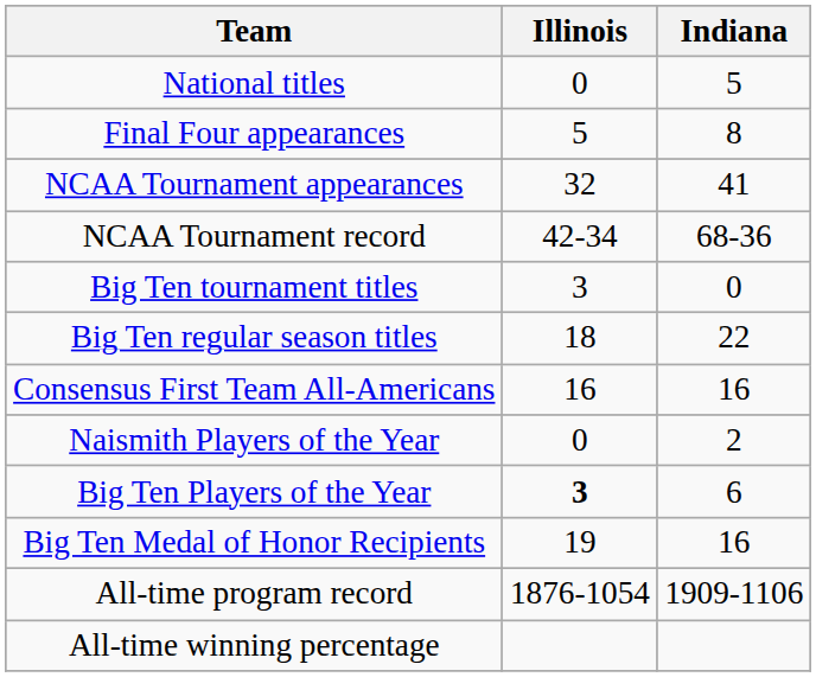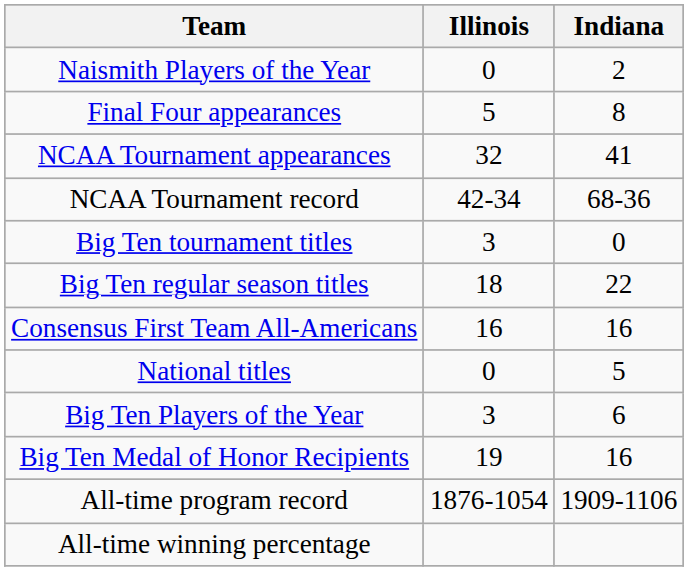 <table class="wikitable" style="text-align:center;">
 <tr>
 <th>Team</th>
 <th>Illinois</th>
 <th>Indiana</th>
 </tr>
 <tr>
-<td><a href='#'>National titles</a></td>
+<td><a href='#'>Naismith Players of the Year</a></td>
 <td style=>0</td>
-<td>5</td>
+<td>2</td>
 </tr>
 <tr>
 <td><a href='#'>Final Four appearances</a></td>
 <td style=>5</td>
 <td>8</td>
 </tr>
 <tr>
 <td><a href='#'>NCAA Tournament appearances</a></td>
 <td style=>32</td>
 <td>41</td>
 </tr>
 <tr>
 <td>NCAA Tournament record</td>
 <td style=>42-34</td>
 <td>68-36</td>
 </tr>
 <tr>
 <td><a href='#'>Big Ten tournament titles</a></td>
 <td style=>3</td>
 <td>0</td>
 </tr>
 <tr>
 <td><a href='#'>Big Ten regular season titles</a></td>
 <td style=>18</td>
 <td>22</td>
 </tr>
 <tr>
 <td><a href='#'>Consensus First Team All-Americans</a></td>
 <td style=>16</td>
 <td>16</td>
 </tr>
 <tr>
-<td><a href='#'>Naismith Players of the Year</a></td>
+<td><a href='#'>National titles</a></td>
 <td style=>0</td>
-<td>2</td>
+<td>5</td>
 </tr>
 <tr>
 <td><a href='#'>Big Ten Players of the Year</a></td>
-<td style=><strong>3</strong></td>
+<td style=>3</td>
 <td>6</td>
 </tr>
 <tr>
 <td><a href='#'>Big Ten Medal of Honor Recipients</a></td>
 <td style=>19</td>
 <td>16</td>
 </tr>
 <tr>
 <td>All-time program record</td>
 <td style=>1876-1054</td>
 <td>1909-1106</td>
 </tr>
 <tr>
 <td>All-time winning percentage</td>
 <td></td>
 <td></td>
 </tr>
 </table>
